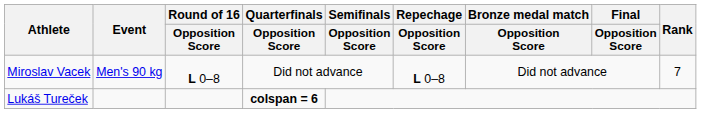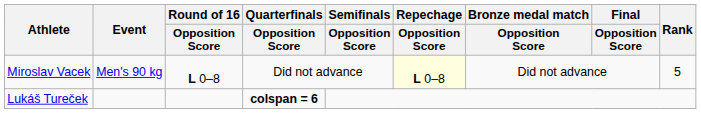 <table class="wikitable" style="font-size:90%">
 <tr>
 <th rowspan="2">Athlete</th>
 <th rowspan="2">Event</th>
 <th>Round of 16</th>
 <th>Quarterfinals</th>
 <th>Semifinals</th>
 <th>Repechage</th>
 <th>Bronze medal match</th>
 <th>Final</th>
 <th rowspan="2">Rank</th>
 </tr>
 <tr style="font-size:95%">
 <th>Opposition<br>Score</th>
 <th>Opposition<br>Score</th>
 <th>Opposition<br>Score</th>
 <th>Opposition<br>Score</th>
 <th>Opposition<br>Score</th>
 <th>Opposition<br>Score</th>
 </tr>
 <tr align="center">
 <td align="left"><a href='#'>Miroslav Vacek</a></td>
 <td><a href='#'>Men's 90 kg</a></td>
 <td><br><strong>L</strong> 0–8</td>
 <td colspan="2">Did not advance</td>
-<td><br><strong>L</strong> 0–8</td>
+<td style="background: lightyellow;"><br><strong>L</strong> 0–8</td>
 <td colspan="2">Did not advance</td>
-<td>7</td>
+<td>5</td>
 </tr>
 <tr align="center">
 <td align="left"><a href='#'>Lukáš Tureček</a></td>
 <td></td>
 <td></td>
 <td><strong>colspan = 6 </strong></td>
 </tr>
 </table>
